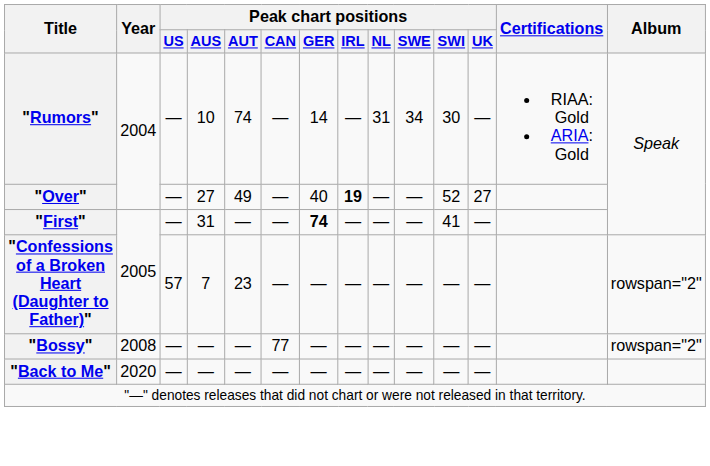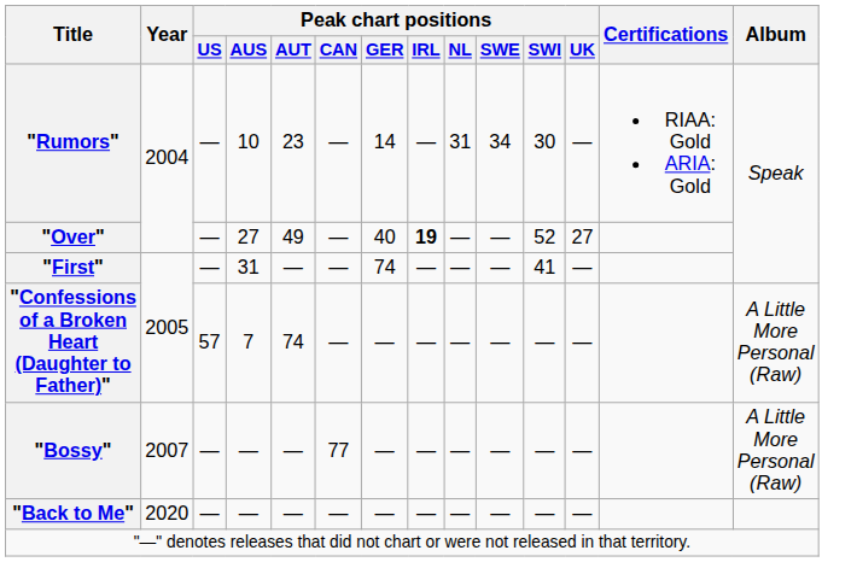 <table class="wikitable plainrowheaders" style="text-align:center;" border="1">
 <tr>
 <th scope="col" rowspan="2" style="width:15em;">Title</th>
 <th scope="col" rowspan="2" style="width:1em;">Year</th>
 <th scope="col" colspan="10">Peak chart positions</th>
 <th scope="col" rowspan="2" style="width:10em;"><a href='#'>Certifications</a></th>
 <th scope="col" rowspan="2">Album</th>
 </tr>
 <tr>
 <th scope="col" style="width:2.5em;font-size:90%;"><a href='#'>US</a><br></th>
 <th scope="col" style="width:2.5em;font-size:90%;"><a href='#'>AUS</a><br></th>
 <th scope="col" style="width:2.5em;font-size:90%;"><a href='#'>AUT</a><br></th>
 <th scope="col" style="width:2.5em;font-size:90%;"><a href='#'>CAN</a><br></th>
 <th scope="col" style="width:2.5em;font-size:90%;"><a href='#'>GER</a><br></th>
 <th scope="col" style="width:2.5em;font-size:90%;"><a href='#'>IRL</a><br></th>
 <th scope="col" style="width:2.5em;font-size:90%;"><a href='#'>NL</a><br></th>
 <th scope="col" style="width:2.5em;font-size:90%;"><a href='#'>SWE</a><br></th>
 <th scope="col" style="width:2.5em;font-size:90%;"><a href='#'>SWI</a><br></th>
 <th scope="col" style="width:2.5em;font-size:90%;"><a href='#'>UK</a><br></th>
 </tr>
 <tr>
 <th scope="row">"<a href='#'>Rumors</a>"</th>
 <td rowspan="2">2004</td>
 <td>—</td>
 <td>10</td>
-<td>74</td>
+<td>23</td>
 <td>—</td>
 <td>14</td>
 <td>—</td>
 <td>31</td>
 <td>34</td>
 <td>30</td>
 <td>—</td>
 <td><br><ul><li>RIAA: Gold</li><li><a href='#'>ARIA</a>: Gold</li></ul></td>
 <td rowspan="3"><em>Speak</em></td>
 </tr>
 <tr>
 <th scope="row">"<a href='#'>Over</a>"</th>
 <td>—</td>
 <td>27</td>
 <td>49</td>
 <td>—</td>
 <td>40</td>
 <td><strong>19</strong></td>
 <td>—</td>
 <td>—</td>
 <td>52</td>
 <td>27</td>
 <td></td>
 </tr>
 <tr>
 <th scope="row">"<a href='#'>First</a>"</th>
 <td rowspan="2">2005</td>
 <td>—</td>
 <td>31</td>
 <td>—</td>
 <td>—</td>
-<td><strong>74</strong></td>
+<td>74</td>
 <td>—</td>
 <td>—</td>
 <td>—</td>
 <td>41</td>
 <td>—</td>
 <td></td>
 </tr>
 <tr>
 <th scope="row">"<a href='#'>Confessions of a Broken Heart<br>(Daughter to Father)</a>"</th>
 <td>57</td>
 <td>7</td>
-<td>23</td>
+<td>74</td>
 <td>—</td>
 <td>—</td>
 <td>—</td>
 <td>—</td>
 <td>—</td>
 <td>—</td>
 <td>—</td>
 <td></td>
-<td>rowspan="2" </td>
+<td><em>A Little More Personal (Raw)</em></td>
 </tr>
 <tr>
 <th scope="row">"<a href='#'>Bossy</a>"</th>
-<td>2008</td>
+<td>2007</td>
 <td>—</td>
 <td>—</td>
 <td>—</td>
 <td>77</td>
 <td>—</td>
 <td>—</td>
 <td>—</td>
 <td>—</td>
 <td>—</td>
 <td>—</td>
 <td></td>
-<td>rowspan="2" </td>
+<td><em>A Little More Personal (Raw)</em></td>
 </tr>
 <tr>
 <th scope="row">"<a href='#'>Back to Me</a>"</th>
 <td>2020</td>
 <td>—</td>
 <td>—</td>
 <td>—</td>
 <td>—</td>
 <td>—</td>
 <td>—</td>
 <td>—</td>
 <td>—</td>
 <td>—</td>
 <td>—</td>
 <td></td>
 </tr>
 <tr>
 <td colspan="15" style="font-size:85%">"—" denotes releases that did not chart or were not released in that territory.</td>
 </tr>
 </table>
